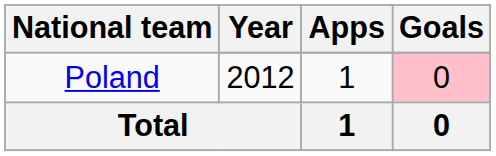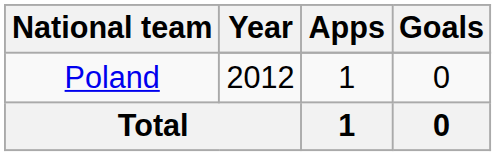 <table class="wikitable" style="text-align:center">
 <tr>
 <th>National team</th>
 <th>Year</th>
 <th>Apps</th>
 <th>Goals</th>
 </tr>
 <tr>
 <td rowspan=2><a href='#'>Poland</a></td>
 </tr>
 <tr>
 <td>2012</td>
 <td>1</td>
-<td style="background: pink;">0</td>
+<td>0</td>
 </tr>
 <tr>
 <th colspan="2">Total</th>
 <th>1</th>
 <th>0</th>
 </tr>
 </table>
